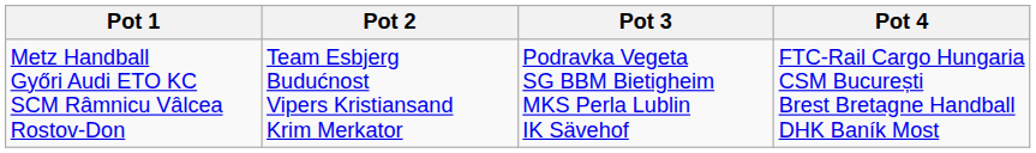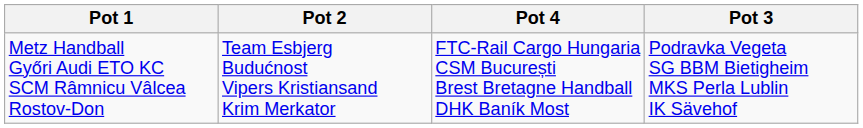 <table class="wikitable">
 <tr>
 <th style="width:25%;">Pot 1</th>
 <th style="width:25%;">Pot 2</th>
+<th style="width:25%;">Pot 4</th>
 <th style="width:25%;">Pot 3</th>
-<th style="width:25%;">Pot 4</th>
 </tr>
 <tr>
 <td valign="top"> <a href='#'>Metz Handball</a><br> <a href='#'>Győri Audi ETO KC</a><br> <a href='#'>SCM Râmnicu Vâlcea</a><br> <a href='#'>Rostov-Don</a></td>
 <td valign="top"> <a href='#'>Team Esbjerg</a><br> <a href='#'>Budućnost</a><br> <a href='#'>Vipers Kristiansand</a><br> <a href='#'>Krim Merkator</a></td>
+<td valign="top"> <a href='#'>FTC-Rail Cargo Hungaria</a><br> <a href='#'>CSM București</a><br> <a href='#'>Brest Bretagne Handball</a><br> <a href='#'>DHK Baník Most</a></td>
 <td valign="top"> <a href='#'>Podravka Vegeta</a><br> <a href='#'>SG BBM Bietigheim</a><br> <a href='#'>MKS Perla Lublin</a><br> <a href='#'>IK Sävehof</a></td>
-<td valign="top"> <a href='#'>FTC-Rail Cargo Hungaria</a><br> <a href='#'>CSM București</a><br> <a href='#'>Brest Bretagne Handball</a><br> <a href='#'>DHK Baník Most</a></td>
 </tr>
 </table>
